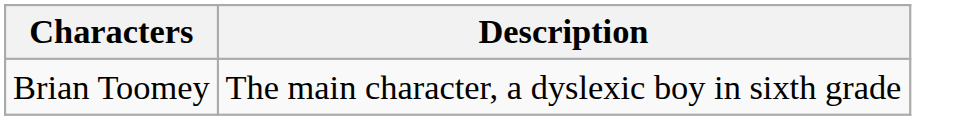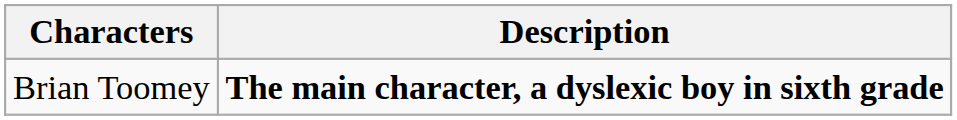 <table class="wikitable">
 <tr>
 <th>Characters</th>
 <th>Description</th>
 </tr>
 <tr>
 <td>Brian Toomey</td>
-<td>The main character, a dyslexic boy in sixth grade</td>
+<td><strong>The main character, a dyslexic boy in sixth grade</strong></td>
 </tr>
 </table>
